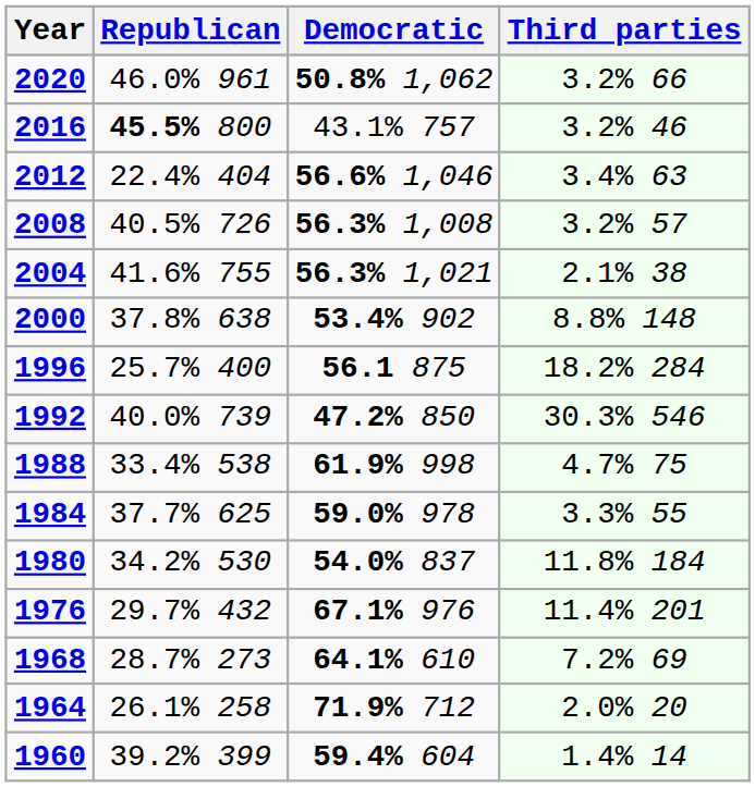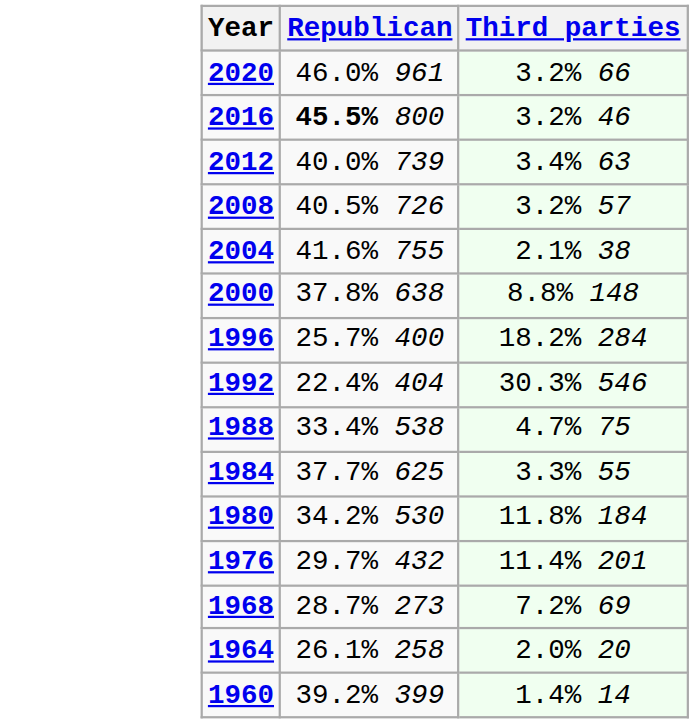 <table class="wikitable" style="float:right; font-size:95%;">
 <tr bgcolor=lightgrey>
 <th>Year</th>
 <th><a href='#'>Republican</a></th>
-<th><a href='#'>Democratic</a></th>
 <th><a href='#'>Third parties</a></th>
 </tr>
 <tr>
 <td style="text-align:center;" ><strong><a href='#'>2020</a></strong></td>
 <td style="text-align:center;" >46.0% <em>961</em></td>
-<td style="text-align:center;" ><strong>50.8%</strong> <em>1,062</em></td>
 <td style="text-align:center; background:honeyDew;">3.2% <em>66</em></td>
 </tr>
 <tr>
 <td style="text-align:center;" ><strong><a href='#'>2016</a></strong></td>
 <td style="text-align:center;" ><strong>45.5%</strong> <em>800</em></td>
-<td style="text-align:center;" >43.1% <em>757</em></td>
 <td style="text-align:center; background:honeyDew;">3.2% <em>46</em></td>
 </tr>
 <tr>
 <td style="text-align:center;" ><strong><a href='#'>2012</a></strong></td>
-<td style="text-align:center;" >22.4% <em>404</em></td>
-<td style="text-align:center;" ><strong>56.6%</strong> <em>1,046</em></td>
+<td style="text-align:center;" >40.0% <em>739</em></td>
 <td style="text-align:center; background:honeyDew;">3.4% <em>63</em></td>
 </tr>
 <tr>
 <td style="text-align:center;" ><strong><a href='#'>2008</a></strong></td>
 <td style="text-align:center;" >40.5% <em>726</em></td>
-<td style="text-align:center;" ><strong>56.3%</strong> <em>1,008</em></td>
 <td style="text-align:center; background:honeyDew;">3.2% <em>57</em></td>
 </tr>
 <tr>
 <td style="text-align:center;" ><strong><a href='#'>2004</a></strong></td>
 <td style="text-align:center;" >41.6% <em>755</em></td>
-<td style="text-align:center;" ><strong>56.3%</strong> <em>1,021</em></td>
 <td style="text-align:center; background:honeyDew;">2.1% <em>38</em></td>
 </tr>
 <tr>
 <td style="text-align:center;" ><strong><a href='#'>2000</a></strong></td>
 <td style="text-align:center;" >37.8% <em>638</em></td>
-<td style="text-align:center;" ><strong>53.4%</strong> <em>902</em></td>
 <td style="text-align:center; background:honeyDew;">8.8% <em>148</em></td>
 </tr>
 <tr>
 <td style="text-align:center;" ><strong><a href='#'>1996</a></strong></td>
 <td style="text-align:center;" >25.7% <em>400</em></td>
-<td style="text-align:center;" ><strong>56.1</strong> <em>875</em></td>
 <td style="text-align:center; background:honeyDew;">18.2% <em>284</em></td>
 </tr>
 <tr>
 <td style="text-align:center;" ><strong><a href='#'>1992</a></strong></td>
-<td style="text-align:center;" >40.0% <em>739</em></td>
-<td style="text-align:center;" ><strong>47.2%</strong> <em>850</em></td>
+<td style="text-align:center;" >22.4% <em>404</em></td>
 <td style="text-align:center; background:honeyDew;">30.3% <em>546</em></td>
 </tr>
 <tr>
 <td style="text-align:center;" ><strong><a href='#'>1988</a></strong></td>
 <td style="text-align:center;" >33.4% <em>538</em></td>
-<td style="text-align:center;" ><strong>61.9%</strong> <em>998</em></td>
 <td style="text-align:center; background:honeyDew;">4.7% <em>75</em></td>
 </tr>
 <tr>
 <td style="text-align:center;" ><strong><a href='#'>1984</a></strong></td>
 <td style="text-align:center;" >37.7% <em>625</em></td>
-<td style="text-align:center;" ><strong>59.0%</strong> <em>978</em></td>
 <td style="text-align:center; background:honeyDew;">3.3% <em>55</em></td>
 </tr>
 <tr>
 <td style="text-align:center;" ><strong><a href='#'>1980</a></strong></td>
 <td style="text-align:center;" >34.2% <em>530</em></td>
-<td style="text-align:center;" ><strong>54.0%</strong> <em>837</em></td>
 <td style="text-align:center; background:honeyDew;">11.8% <em>184</em></td>
 </tr>
 <tr>
 <td style="text-align:center;" ><strong><a href='#'>1976</a></strong></td>
 <td style="text-align:center;" >29.7% <em>432</em></td>
-<td style="text-align:center;" ><strong>67.1%</strong> <em>976</em></td>
 <td style="text-align:center; background:honeyDew;">11.4% <em>201</em></td>
 </tr>
 <tr>
 <td style="text-align:center;" ><strong><a href='#'>1968</a></strong></td>
 <td style="text-align:center;" >28.7% <em>273</em></td>
-<td style="text-align:center;" ><strong>64.1%</strong> <em>610</em></td>
 <td style="text-align:center; background:honeyDew;">7.2% <em>69</em></td>
 </tr>
 <tr>
 <td style="text-align:center;" ><strong><a href='#'>1964</a></strong></td>
 <td style="text-align:center;" >26.1% <em>258</em></td>
-<td style="text-align:center;" ><strong>71.9%</strong> <em>712</em></td>
 <td style="text-align:center; background:honeyDew;">2.0% <em>20</em></td>
 </tr>
 <tr>
 <td style="text-align:center;" ><strong><a href='#'>1960</a></strong></td>
 <td style="text-align:center;" >39.2% <em>399</em></td>
-<td style="text-align:center;" ><strong>59.4%</strong> <em>604</em></td>
 <td style="text-align:center; background:honeyDew;">1.4% <em>14</em></td>
 </tr>
 </table>
